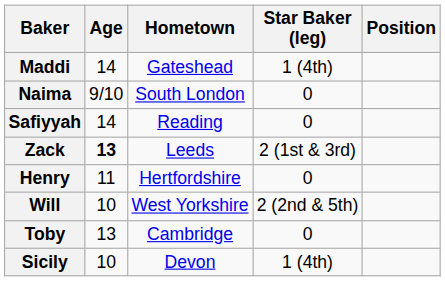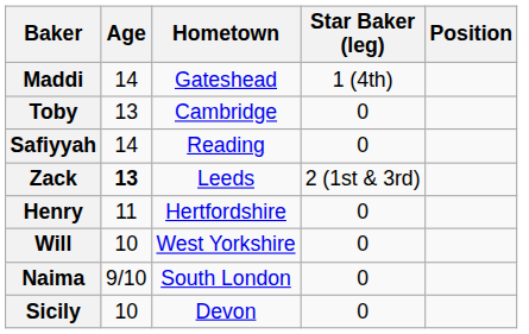 <table class="wikitable sortable" style="display:inline-table; text-align:center">
 <tr>
 <th scope="col">Baker</th>
 <th scope="col">Age</th>
 <th scope="col">Hometown</th>
 <th scope="col">Star Baker<br>(leg)</th>
 <th scope="col">Position</th>
 </tr>
 <tr>
 <th scope="row">Maddi</th>
 <td>14</td>
 <td><a href='#'>Gateshead</a></td>
 <td>1 (4th)</td>
 <td></td>
 </tr>
 <tr>
-<th scope="row">Naima</th>
-<td>9/10</td>
-<td><a href='#'>South London</a></td>
+<th scope="row">Toby</th>
+<td>13</td>
+<td><a href='#'>Cambridge</a></td>
 <td>0</td>
 <td></td>
 </tr>
 <tr>
 <th scope="row">Safiyyah</th>
 <td>14</td>
 <td><a href='#'>Reading</a></td>
 <td>0</td>
 <td></td>
 </tr>
 <tr>
 <th scope="row">Zack</th>
 <td><strong>13</strong></td>
 <td><a href='#'>Leeds</a></td>
 <td>2 (1st & 3rd)</td>
 <td></td>
 </tr>
 <tr>
 <th scope="row">Henry</th>
 <td>11</td>
 <td><a href='#'>Hertfordshire</a></td>
 <td>0</td>
 <td></td>
 </tr>
 <tr>
 <th scope="row">Will</th>
 <td>10</td>
 <td><a href='#'>West Yorkshire</a></td>
-<td>2 (2nd & 5th)</td>
+<td>0</td>
 <td></td>
 </tr>
 <tr>
-<th scope="row">Toby</th>
-<td>13</td>
-<td><a href='#'>Cambridge</a></td>
+<th scope="row">Naima</th>
+<td>9/10</td>
+<td><a href='#'>South London</a></td>
 <td>0</td>
 <td></td>
 </tr>
 <tr>
 <th scope="row">Sicily</th>
 <td>10</td>
 <td><a href='#'>Devon</a></td>
-<td>1 (4th)</td>
+<td>0</td>
 <td></td>
 </tr>
 </table>
